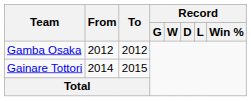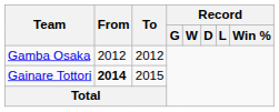 <table class="wikitable" style="text-align: center">
 <tr>
 <th rowspan="2">Team</th>
 <th rowspan="2">From</th>
 <th rowspan="2">To</th>
 <th colspan="5">Record</th>
 </tr>
 <tr>
 <th>G</th>
 <th>W</th>
 <th>D</th>
 <th>L</th>
 <th>Win %</th>
 </tr>
 <tr>
 <td align="left"><a href='#'>Gamba Osaka</a></td>
 <td align="left">2012</td>
 <td align="left">2012<br></td>
 </tr>
 <tr>
 <td align="left"><a href='#'>Gainare Tottori</a></td>
-<td align="left">2014</td>
+<td align="left"><strong>2014</strong></td>
 <td align="left">2015<br></td>
 </tr>
 <tr>
 <th colspan="3">Total<br></th>
 </tr>
 </table>
